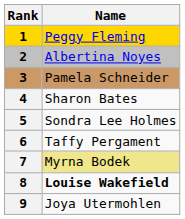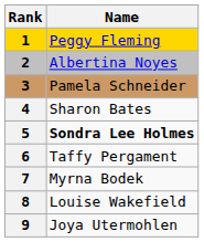 <table class="wikitable">
 <tr>
 <th>Rank</th>
 <th>Name</th>
 </tr>
 <tr bgcolor="gold">
 <td align="center"><strong>1</strong></td>
 <td><a href='#'>Peggy Fleming</a></td>
 </tr>
 <tr bgcolor="silver">
 <td align="center"><strong>2</strong></td>
 <td><a href='#'>Albertina Noyes</a></td>
 </tr>
 <tr bgcolor="cc9966">
 <td align="center"><strong>3</strong></td>
 <td>Pamela Schneider</td>
 </tr>
 <tr>
 <th>4</th>
 <td>Sharon Bates</td>
 </tr>
 <tr>
 <th>5</th>
-<td>Sondra Lee Holmes</td>
+<td><strong>Sondra Lee Holmes</strong></td>
 </tr>
 <tr>
 <th>6</th>
 <td>Taffy Pergament</td>
 </tr>
 <tr>
 <th>7</th>
-<td style="background: khaki;">Myrna Bodek</td>
+<td>Myrna Bodek</td>
 </tr>
 <tr>
 <th>8</th>
-<td><strong>Louise Wakefield</strong></td>
+<td>Louise Wakefield</td>
 </tr>
 <tr>
 <th>9</th>
 <td>Joya Utermohlen</td>
 </tr>
 </table>
